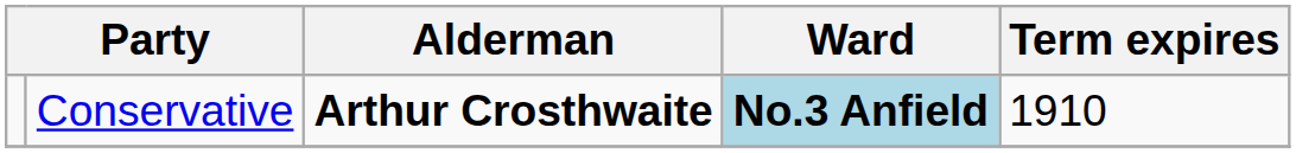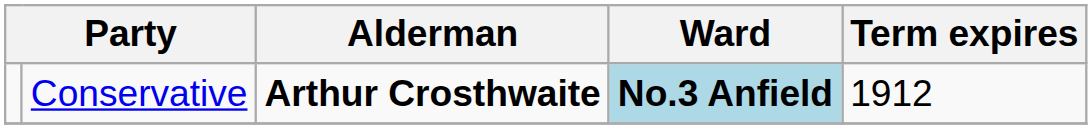 <table class="wikitable">
 <tr>
 <th colspan="2">Party</th>
 <th>Alderman</th>
 <th>Ward</th>
 <th>Term expires</th>
 </tr>
 <tr>
 <td style="background-color:"></td>
 <td><a href='#'>Conservative</a></td>
 <td><strong>Arthur Crosthwaite</strong></td>
 <td style="background: lightblue;"><strong>No.3 Anfield</strong></td>
-<td>1910</td>
+<td>1912</td>
 </tr>
 <tr>
 </tr>
 </table>
